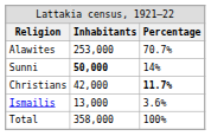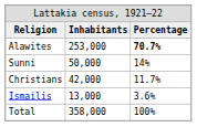 <table cellpadding="4" cellspacing="0" width=250 align="center" rules="all" style="margin: 1em; background: #ffffff; border: 2px solid #aaa; font-size: 100%;">
 <tr bgcolor=#DDDDDD>
 <td colspan=8 align="center">Lattakia census, 1921–22</td>
 </tr>
 <tr bgcolor=#f0f0f0 align="center">
 <th>Religion</th>
 <th>Inhabitants</th>
 <th>Percentage</th>
 </tr>
 <tr>
 <td>Alawites</td>
 <td>253,000</td>
-<td>70.7%</td>
+<td><strong>70.7%</strong></td>
 </tr>
 <tr>
 <td>Sunni</td>
-<td><strong>50,000</strong></td>
+<td>50,000</td>
 <td>14%</td>
 </tr>
 <tr>
 <td>Christians</td>
 <td>42,000</td>
-<td><strong>11.7%</strong></td>
+<td>11.7%</td>
 </tr>
 <tr>
 <td><a href='#'>Ismailis</a></td>
 <td>13,000</td>
 <td>3.6%</td>
 </tr>
 <tr>
 <td>Total</td>
 <td>358,000</td>
 <td>100%</td>
 </tr>
 </table>
